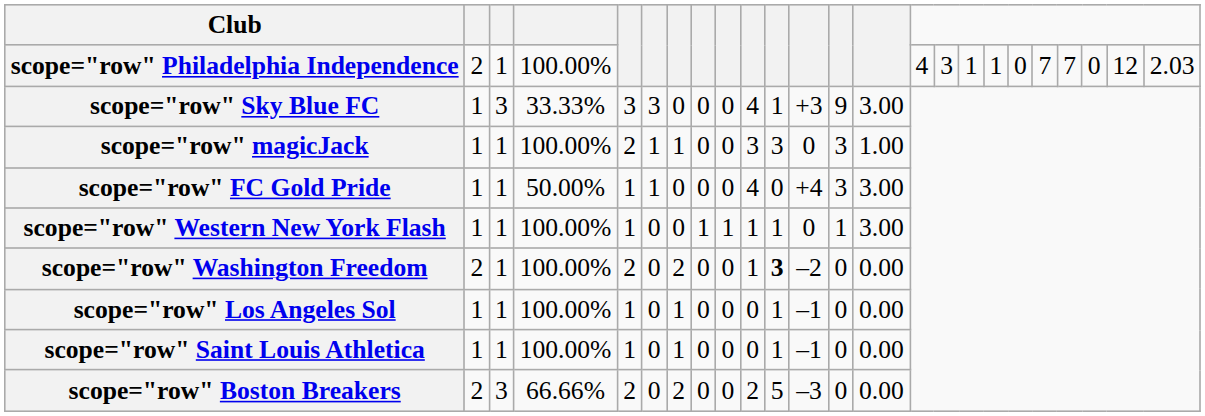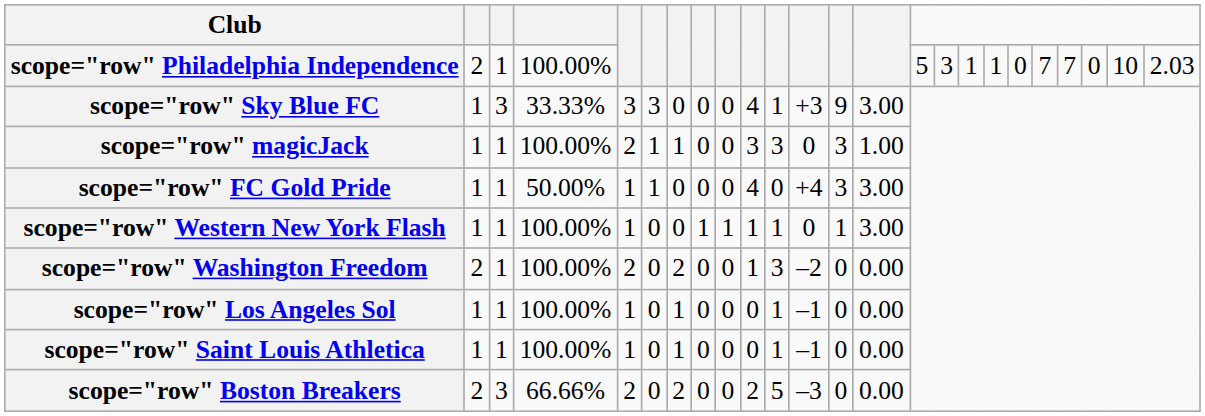 <table class="wikitable sortable" style="text-align:center;">
 <tr>
 <th>Club</th>
 <th></th>
 <th></th>
 <th></th>
 <th rowspan=2 scope="col"></th>
 <th rowspan=2 scope="col"></th>
 <th rowspan=2 scope="col"></th>
 <th rowspan=2 scope="col"></th>
 <th rowspan=2 scope="col"></th>
 <th rowspan=2 scope="col"></th>
 <th rowspan=2 scope="col"></th>
 <th rowspan=2 scope="col"></th>
 <th rowspan=2 scope="col"></th>
 <th rowspan=2 scope="col"></th>
 </tr>
 <tr>
 <th>scope="row" <a href='#'>Philadelphia Independence</a></th>
 <td>2</td>
 <td>1</td>
 <td>100.00%</td>
-<td>4</td>
+<td>5</td>
 <td>3</td>
 <td>1</td>
 <td>1</td>
 <td>0</td>
 <td>7</td>
 <td>7</td>
 <td>0</td>
-<td>12</td>
+<td>10</td>
 <td>2.03</td>
 </tr>
 <tr>
 <th>scope="row" <a href='#'>Sky Blue FC</a></th>
 <td>1</td>
 <td>3</td>
 <td>33.33%</td>
 <td>3</td>
 <td>3</td>
 <td>0</td>
 <td>0</td>
 <td>0</td>
 <td>4</td>
 <td>1</td>
 <td>+3</td>
 <td>9</td>
 <td>3.00</td>
 </tr>
 <tr>
 <th>scope="row" <a href='#'>magicJack</a></th>
 <td>1</td>
 <td>1</td>
 <td>100.00%</td>
 <td>2</td>
 <td>1</td>
 <td>1</td>
 <td>0</td>
 <td>0</td>
 <td>3</td>
 <td>3</td>
 <td>0</td>
 <td>3</td>
 <td>1.00</td>
 </tr>
 <tr>
 <th>scope="row" <a href='#'>FC Gold Pride</a></th>
 <td>1</td>
 <td>1</td>
 <td>50.00%</td>
 <td>1</td>
 <td>1</td>
 <td>0</td>
 <td>0</td>
 <td>0</td>
 <td>4</td>
 <td>0</td>
 <td>+4</td>
 <td>3</td>
 <td>3.00</td>
 </tr>
 <tr>
 <th>scope="row" <a href='#'>Western New York Flash</a></th>
 <td>1</td>
 <td>1</td>
 <td>100.00%</td>
 <td>1</td>
 <td>0</td>
 <td>0</td>
 <td>1</td>
 <td>1</td>
 <td>1</td>
 <td>1</td>
 <td>0</td>
 <td>1</td>
 <td>3.00</td>
 </tr>
 <tr>
 <th>scope="row" <a href='#'>Washington Freedom</a></th>
 <td>2</td>
 <td>1</td>
 <td>100.00%</td>
 <td>2</td>
 <td>0</td>
 <td>2</td>
 <td>0</td>
 <td>0</td>
 <td>1</td>
-<td><strong>3</strong></td>
+<td>3</td>
 <td>–2</td>
 <td>0</td>
 <td>0.00</td>
 </tr>
 <tr>
 <th>scope="row" <a href='#'>Los Angeles Sol</a></th>
 <td>1</td>
 <td>1</td>
 <td>100.00%</td>
 <td>1</td>
 <td>0</td>
 <td>1</td>
 <td>0</td>
 <td>0</td>
 <td>0</td>
 <td>1</td>
 <td>–1</td>
 <td>0</td>
 <td>0.00</td>
 </tr>
 <tr>
 <th>scope="row" <a href='#'>Saint Louis Athletica</a></th>
 <td>1</td>
 <td>1</td>
 <td>100.00%</td>
 <td>1</td>
 <td>0</td>
 <td>1</td>
 <td>0</td>
 <td>0</td>
 <td>0</td>
 <td>1</td>
 <td>–1</td>
 <td>0</td>
 <td>0.00</td>
 </tr>
 <tr>
 <th>scope="row" <a href='#'>Boston Breakers</a></th>
 <td>2</td>
 <td>3</td>
 <td>66.66%</td>
 <td>2</td>
 <td>0</td>
 <td>2</td>
 <td>0</td>
 <td>0</td>
 <td>2</td>
 <td>5</td>
 <td>–3</td>
 <td>0</td>
 <td>0.00</td>
 </tr>
 </table>
